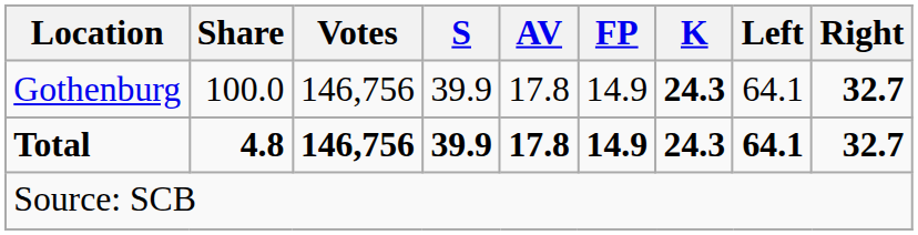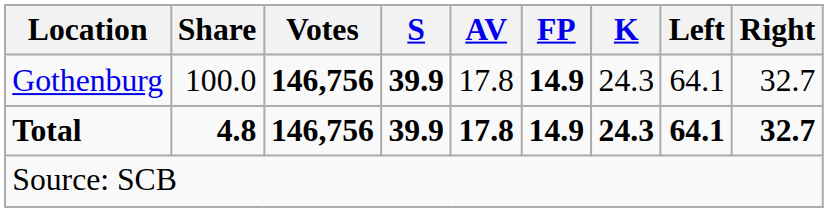 <table class="wikitable sortable" style=text-align:right>
 <tr>
 <th>Location</th>
 <th>Share</th>
 <th>Votes</th>
 <th><a href='#'>S</a></th>
 <th><a href='#'>AV</a></th>
 <th><a href='#'>FP</a></th>
 <th><a href='#'>K</a></th>
 <th>Left</th>
 <th>Right</th>
 </tr>
 <tr>
 <td align=left><a href='#'>Gothenburg</a></td>
 <td>100.0</td>
-<td>146,756</td>
-<td>39.9</td>
+<td><strong>146,756</strong></td>
+<td><strong>39.9</strong></td>
 <td>17.8</td>
-<td>14.9</td>
-<td><strong>24.3</strong></td>
+<td><strong>14.9</strong></td>
+<td>24.3</td>
 <td>64.1</td>
-<td><strong>32.7</strong></td>
+<td>32.7</td>
 </tr>
 <tr>
 <td align=left><strong>Total</strong></td>
 <td><strong>4.8</strong></td>
 <td><strong>146,756</strong></td>
 <td><strong>39.9</strong></td>
 <td><strong>17.8</strong></td>
 <td><strong>14.9</strong></td>
 <td><strong>24.3</strong></td>
 <td><strong>64.1</strong></td>
 <td><strong>32.7</strong></td>
 </tr>
 <tr>
 <td align=left colspan=9>Source: SCB </td>
 </tr>
 </table>
